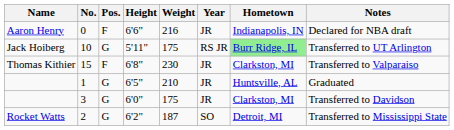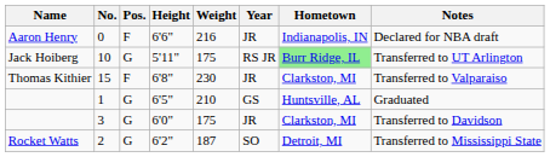 <table class="wikitable sortable" border="1">
 <tr align=center>
 <th>Name</th>
 <th>No.</th>
 <th>Pos.</th>
 <th>Height</th>
 <th>Weight</th>
 <th>Year</th>
 <th>Hometown</th>
 <th>Notes</th>
 </tr>
 <tr>
 <td><a href='#'>Aaron Henry</a></td>
 <td>0</td>
 <td>F</td>
 <td>6'6"</td>
 <td>216</td>
 <td>JR</td>
 <td><a href='#'>Indianapolis, IN</a></td>
 <td>Declared for NBA draft</td>
 </tr>
 <tr>
 <td>Jack Hoiberg</td>
 <td>10</td>
 <td>G</td>
 <td>5'11"</td>
 <td>175</td>
 <td>RS JR</td>
 <td style="background: lightgreen;"><a href='#'>Burr Ridge, IL</a></td>
 <td>Transferred to <a href='#'>UT Arlington</a></td>
 </tr>
 <tr>
 <td>Thomas Kithier</td>
 <td>15</td>
 <td>F</td>
 <td>6'8"</td>
 <td>230</td>
 <td>JR</td>
 <td><a href='#'>Clarkston, MI</a></td>
 <td>Transferred to <a href='#'>Valparaiso</a></td>
 </tr>
 <tr>
 <td></td>
 <td>1</td>
 <td>G</td>
 <td>6'5"</td>
 <td>210</td>
-<td>JR</td>
+<td>GS</td>
 <td><a href='#'>Huntsville, AL</a></td>
 <td>Graduated</td>
 </tr>
 <tr>
 <td></td>
 <td>3</td>
 <td>G</td>
 <td>6'0"</td>
 <td>175</td>
 <td>JR</td>
 <td><a href='#'>Clarkston, MI</a></td>
 <td>Transferred to <a href='#'>Davidson</a></td>
 </tr>
 <tr>
 <td><a href='#'>Rocket Watts</a></td>
 <td>2</td>
 <td>G</td>
 <td>6'2"</td>
 <td>187</td>
 <td>SO</td>
 <td><a href='#'>Detroit, MI</a></td>
 <td>Transferred to <a href='#'>Mississippi State</a></td>
 </tr>
 </table>
